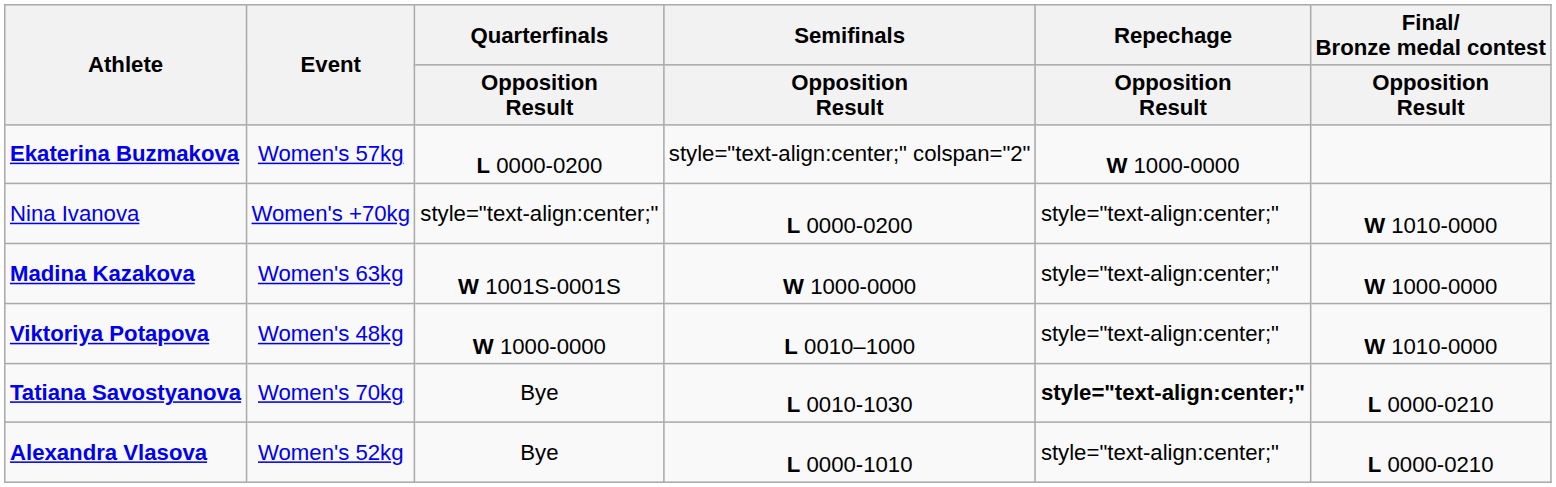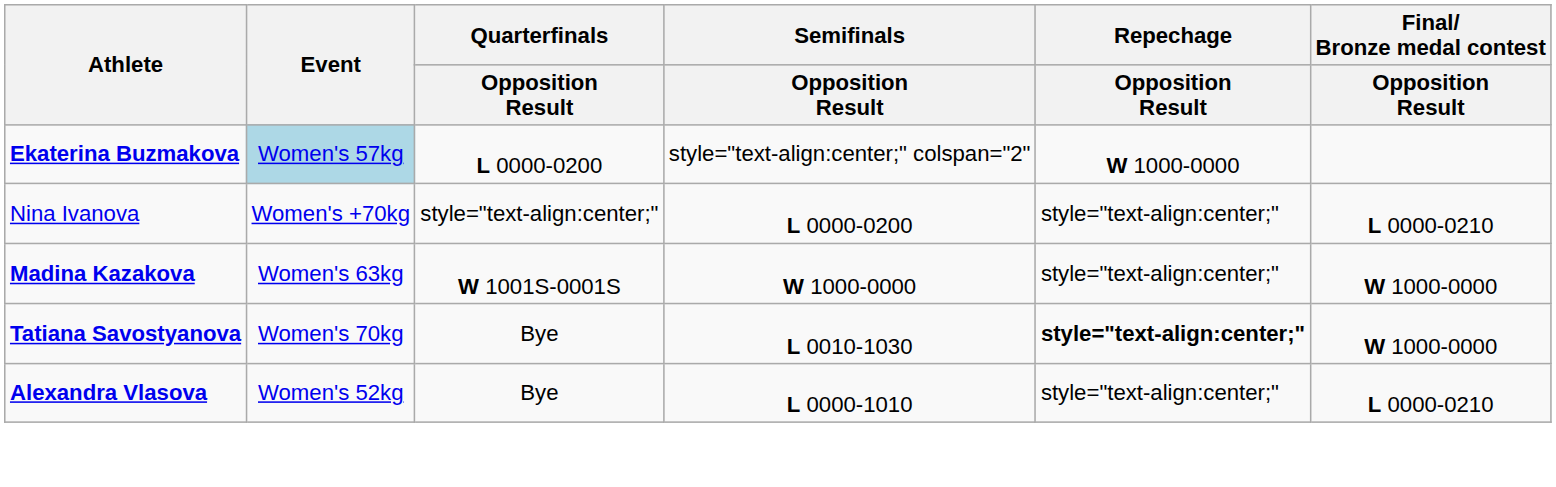 <table class=wikitable style="font-size:90%">
 <tr>
 <th rowspan="2">Athlete</th>
 <th rowspan="2">Event</th>
 <th>Quarterfinals</th>
 <th>Semifinals</th>
 <th>Repechage</th>
 <th>Final/<br>Bronze medal contest</th>
 </tr>
 <tr>
 <th>Opposition<br>Result</th>
 <th>Opposition<br>Result</th>
 <th>Opposition<br>Result</th>
 <th>Opposition<br>Result</th>
 </tr>
 <tr>
 <td><strong><a href='#'>Ekaterina Buzmakova</a></strong></td>
-<td style="text-align:center;"><a href='#'>Women's 57kg</a></td>
+<td style="background: lightblue; text-align:center;"><a href='#'>Women's 57kg</a></td>
 <td style="text-align:center;"><br> <strong>L</strong> 0000-0200</td>
 <td>style="text-align:center;" colspan="2" </td>
 <td style="text-align:center;"><br> <strong>W</strong> 1000-0000 </td>
 </tr>
 <tr>
 <td><a href='#'>Nina Ivanova</a></td>
 <td style="text-align:center;"><a href='#'>Women's +70kg</a></td>
 <td>style="text-align:center;" </td>
 <td style="text-align:center;"><br> <strong>L</strong> 0000-0200</td>
 <td>style="text-align:center;" </td>
-<td style="text-align:center;"><br> <strong>W</strong> 1010-0000 </td>
+<td style="text-align:center;"><br> <strong>L</strong> 0000-0210</td>
 </tr>
 <tr>
 <td><strong><a href='#'>Madina Kazakova</a></strong></td>
 <td style="text-align:center;"><a href='#'>Women's 63kg</a></td>
 <td style="text-align:center;"><br> <strong>W</strong> 1001S-0001S</td>
 <td style="text-align:center;"><br> <strong>W</strong> 1000-0000</td>
 <td>style="text-align:center;" </td>
 <td style="text-align:center;"><br> <strong>W</strong> 1000-0000 </td>
 </tr>
 <tr>
-<td><strong><a href='#'>Viktoriya Potapova</a></strong></td>
-<td style="text-align:center;"><a href='#'>Women's 48kg</a></td>
-<td style="text-align:center;"><br> <strong>W</strong> 1000-0000</td>
-<td style="text-align:center;"><br> <strong>L</strong> 0010–1000</td>
-<td>style="text-align:center;" </td>
-<td style="text-align:center;"><br> <strong>W</strong> 1010-0000 </td>
-</tr>
-<tr>
 <td><strong><a href='#'>Tatiana Savostyanova</a></strong></td>
 <td style="text-align:center;"><a href='#'>Women's 70kg</a></td>
 <td style="text-align:center;">Bye</td>
 <td style="text-align:center;"><br> <strong>L</strong> 0010-1030</td>
 <td><strong>style="text-align:center;" </strong></td>
-<td style="text-align:center;"><br> <strong>L</strong> 0000-0210</td>
+<td style="text-align:center;"><br> <strong>W</strong> 1000-0000 </td>
 </tr>
 <tr>
 <td><strong><a href='#'>Alexandra Vlasova</a></strong></td>
 <td style="text-align:center;"><a href='#'>Women's 52kg</a></td>
 <td style="text-align:center;">Bye</td>
 <td style="text-align:center;"><br> <strong>L</strong> 0000-1010</td>
 <td>style="text-align:center;" </td>
 <td style="text-align:center;"><br> <strong>L</strong> 0000-0210</td>
 </tr>
 </table>
